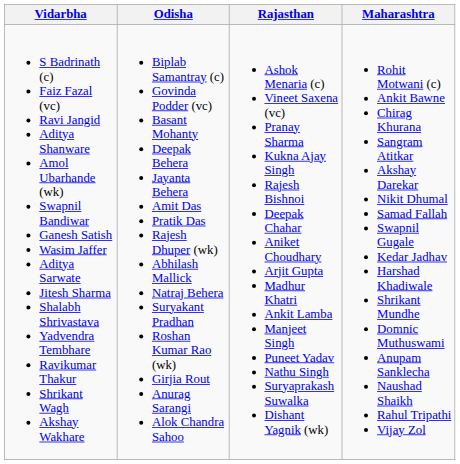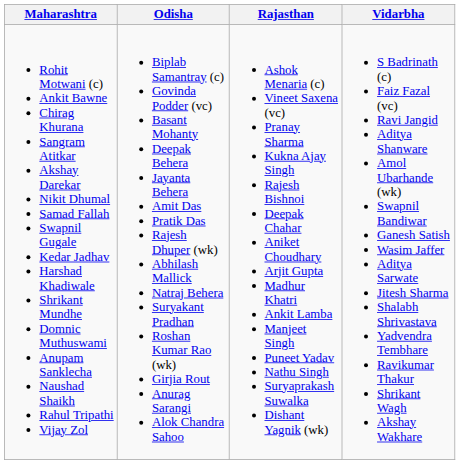 <table class="wikitable">
 <tr>
-<th style="width: 100pt;"><a href='#'>Vidarbha</a></th>
+<th style="width: 100pt;"><a href='#'>Maharashtra</a></th>
 <th style="width: 100pt;"><a href='#'>Odisha</a></th>
 <th style="width: 100pt;"><a href='#'>Rajasthan</a></th>
-<th style="width: 100pt;"><a href='#'>Maharashtra</a></th>
+<th style="width: 100pt;"><a href='#'>Vidarbha</a></th>
 </tr>
 <tr>
-<td><br><ul><li><a href='#'>S Badrinath</a> (c)</li><li><a href='#'>Faiz Fazal</a> (vc)</li><li><a href='#'>Ravi Jangid</a></li><li><a href='#'>Aditya Shanware</a></li><li><a href='#'>Amol Ubarhande</a> (wk)</li><li><a href='#'>Swapnil Bandiwar</a></li><li><a href='#'>Ganesh Satish</a></li><li><a href='#'>Wasim Jaffer</a></li><li><a href='#'>Aditya Sarwate</a></li><li><a href='#'>Jitesh Sharma</a></li><li><a href='#'>Shalabh Shrivastava</a></li><li><a href='#'>Yadvendra Tembhare</a></li><li><a href='#'>Ravikumar Thakur</a></li><li><a href='#'>Shrikant Wagh</a></li><li><a href='#'>Akshay Wakhare</a></li></ul></td>
+<td><br><ul><li><a href='#'>Rohit Motwani</a> (c)</li><li><a href='#'>Ankit Bawne</a></li><li><a href='#'>Chirag Khurana</a></li><li><a href='#'>Sangram Atitkar</a></li><li><a href='#'>Akshay Darekar</a></li><li><a href='#'>Nikit Dhumal</a></li><li><a href='#'>Samad Fallah</a></li><li><a href='#'>Swapnil Gugale</a></li><li><a href='#'>Kedar Jadhav</a></li><li><a href='#'>Harshad Khadiwale</a></li><li><a href='#'>Shrikant Mundhe</a></li><li><a href='#'>Domnic Muthuswami</a></li><li><a href='#'>Anupam Sanklecha</a></li><li><a href='#'>Naushad Shaikh</a></li><li><a href='#'>Rahul Tripathi</a></li><li><a href='#'>Vijay Zol</a></li></ul></td>
 <td><br><ul><li><a href='#'>Biplab Samantray</a> (c)</li><li><a href='#'>Govinda Podder</a> (vc)</li><li><a href='#'>Basant Mohanty</a></li><li><a href='#'>Deepak Behera</a></li><li><a href='#'>Jayanta Behera</a></li><li><a href='#'>Amit Das</a></li><li><a href='#'>Pratik Das</a></li><li><a href='#'>Rajesh Dhuper</a> (wk)</li><li><a href='#'>Abhilash Mallick</a></li><li><a href='#'>Natraj Behera</a></li><li><a href='#'>Suryakant Pradhan</a></li><li><a href='#'>Roshan Kumar Rao</a> (wk)</li><li><a href='#'>Girjia Rout</a></li><li><a href='#'>Anurag Sarangi</a></li><li><a href='#'>Alok Chandra Sahoo</a></li></ul></td>
 <td><br><ul><li><a href='#'>Ashok Menaria</a> (c)</li><li><a href='#'>Vineet Saxena</a> (vc)</li><li><a href='#'>Pranay Sharma</a></li><li><a href='#'>Kukna Ajay Singh</a></li><li><a href='#'>Rajesh Bishnoi</a></li><li><a href='#'>Deepak Chahar</a></li><li><a href='#'>Aniket Choudhary</a></li><li><a href='#'>Arjit Gupta</a></li><li><a href='#'>Madhur Khatri</a></li><li><a href='#'>Ankit Lamba</a></li><li><a href='#'>Manjeet Singh</a></li><li><a href='#'>Puneet Yadav</a></li><li><a href='#'>Nathu Singh</a></li><li><a href='#'>Suryaprakash Suwalka</a></li><li><a href='#'>Dishant Yagnik</a> (wk)</li></ul></td>
-<td><br><ul><li><a href='#'>Rohit Motwani</a> (c)</li><li><a href='#'>Ankit Bawne</a></li><li><a href='#'>Chirag Khurana</a></li><li><a href='#'>Sangram Atitkar</a></li><li><a href='#'>Akshay Darekar</a></li><li><a href='#'>Nikit Dhumal</a></li><li><a href='#'>Samad Fallah</a></li><li><a href='#'>Swapnil Gugale</a></li><li><a href='#'>Kedar Jadhav</a></li><li><a href='#'>Harshad Khadiwale</a></li><li><a href='#'>Shrikant Mundhe</a></li><li><a href='#'>Domnic Muthuswami</a></li><li><a href='#'>Anupam Sanklecha</a></li><li><a href='#'>Naushad Shaikh</a></li><li><a href='#'>Rahul Tripathi</a></li><li><a href='#'>Vijay Zol</a></li></ul></td>
+<td><br><ul><li><a href='#'>S Badrinath</a> (c)</li><li><a href='#'>Faiz Fazal</a> (vc)</li><li><a href='#'>Ravi Jangid</a></li><li><a href='#'>Aditya Shanware</a></li><li><a href='#'>Amol Ubarhande</a> (wk)</li><li><a href='#'>Swapnil Bandiwar</a></li><li><a href='#'>Ganesh Satish</a></li><li><a href='#'>Wasim Jaffer</a></li><li><a href='#'>Aditya Sarwate</a></li><li><a href='#'>Jitesh Sharma</a></li><li><a href='#'>Shalabh Shrivastava</a></li><li><a href='#'>Yadvendra Tembhare</a></li><li><a href='#'>Ravikumar Thakur</a></li><li><a href='#'>Shrikant Wagh</a></li><li><a href='#'>Akshay Wakhare</a></li></ul></td>
 </tr>
 </table>
